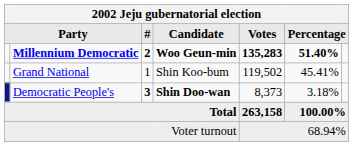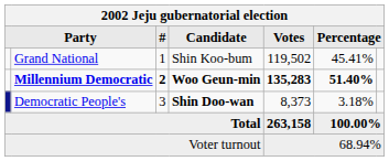 <table class="wikitable">
 <tr>
 <th colspan="7">2002 Jeju gubernatorial election</th>
 </tr>
 <tr>
 <th style="background-color:#E9E9E9" colspan=2>Party</th>
 <th style="background-color:#E9E9E9">#</th>
 <th style="background-color:#E9E9E9">Candidate</th>
 <th style="background-color:#E9E9E9">Votes</th>
 <th style="background-color:#E9E9E9" colspan=2>Percentage</th>
 </tr>
+<tr>
+<td></td>
+<td align=left><a href='#'>Grand National</a></td>
+<td align=center>1</td>
+<td align=left>Shin Koo-bum</td>
+<td align=right>119,502</td>
+<td align=right>45.41%</td>
+<td align=right></td>
+</tr>
 <tr style="font-weight:bold">
 <td></td>
 <td align=left><a href='#'>Millennium Democratic</a></td>
 <td align=center>2</td>
 <td align=left>Woo Geun-min</td>
 <td align=right>135,283</td>
 <td align=right>51.40%</td>
 <td align=right></td>
 </tr>
 <tr>
-<td></td>
-<td align=left><a href='#'>Grand National</a></td>
-<td align=center>1</td>
-<td align=left>Shin Koo-bum</td>
-<td align=right>119,502</td>
-<td align=right>45.41%</td>
-<td align=right></td>
-</tr>
-<tr>
 <td bgcolor="#0f168c"></td>
 <td align=left><a href='#'>Democratic People's</a></td>
-<td align=center><strong>3</strong></td>
+<td align=center>3</td>
 <td align=left><strong>Shin Doo-wan</strong></td>
 <td align=right>8,373</td>
 <td align=right>3.18%</td>
 <td align=right></td>
 </tr>
 <tr bgcolor="#EEEEEE" style="font-weight:bold">
 <td colspan="4" align=right>Total</td>
 <td align=right>263,158</td>
 <td align=right colspan=2>100.00%</td>
 </tr>
 <tr bgcolor="#EEEEEE">
 <td colspan="4" align="right">Voter turnout</td>
 <td colspan="3" align="right">68.94%</td>
 </tr>
 </table>
